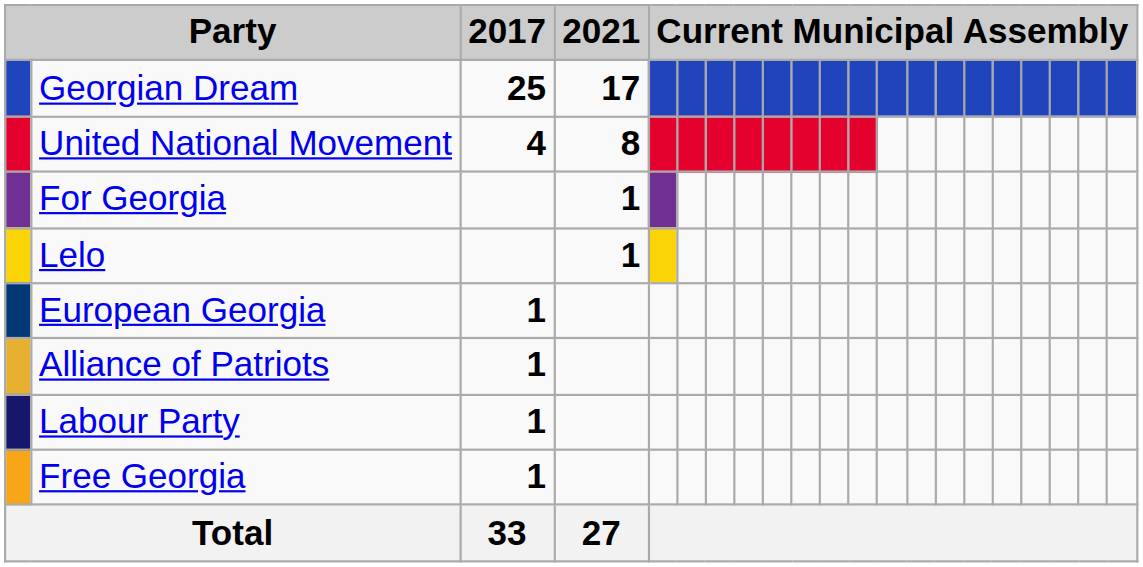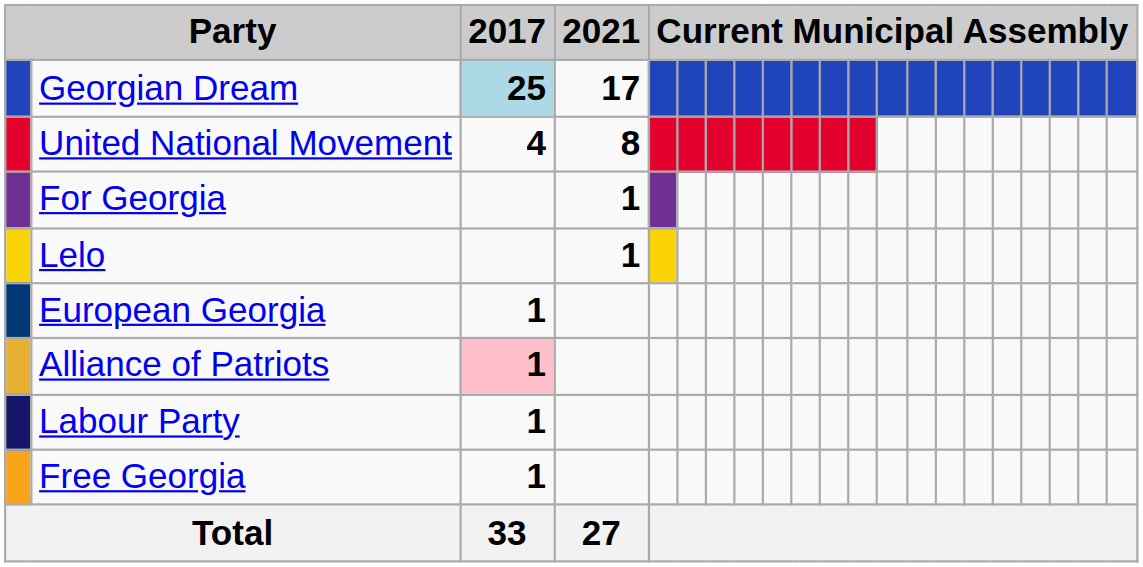 <table class="wikitable">
 <tr>
 <th colspan="2" style="background:#ccc">Party</th>
 <th style="background:#ccc">2017</th>
 <th style="background:#ccc">2021</th>
 <th colspan="19" style="background:#ccc">Current Municipal Assembly</th>
 </tr>
 <tr>
 <td style="background-color: #2044bc  "> </td>
 <td><a href='#'>Georgian Dream</a></td>
-<td style="text-align: right"><strong>25</strong></td>
+<td style="background: lightblue; text-align: right"><strong>25</strong></td>
 <td style="text-align: right"><strong>17</strong></td>
 <td style="background-color: #2044bc "></td>
 <td style="background-color: #2044bc "> </td>
 <td style="background-color: #2044bc "> </td>
 <td style="background-color: #2044bc "> </td>
 <td style="background-color: #2044bc "> </td>
 <td style="background-color: #2044bc "> </td>
 <td style="background-color: #2044bc "> </td>
 <td style="background-color: #2044bc "> </td>
 <td style="background-color: #2044bc "> </td>
 <td style="background-color: #2044bc "> </td>
 <td style="background-color: #2044bc "> </td>
 <td style="background-color: #2044bc "> </td>
 <td style="background-color: #2044bc "> </td>
 <td style="background-color: #2044bc "> </td>
 <td style="background-color: #2044bc "> </td>
 <td style="background-color: #2044bc "> </td>
 <td style="background-color: #2044bc "> </td>
 </tr>
 <tr>
 <td style="background-color: #e4012e  "> </td>
 <td><a href='#'>United National Movement</a></td>
 <td style="text-align: right"><strong>4</strong></td>
 <td style="text-align: right"><strong>8</strong></td>
 <td style="background-color: #e4012e "> </td>
 <td style="background-color: #e4012e "> </td>
 <td style="background-color: #e4012e "> </td>
 <td style="background-color: #e4012e "> </td>
 <td style="background-color: #e4012e "> </td>
 <td style="background-color: #e4012e "> </td>
 <td style="background-color: #e4012e "> </td>
 <td style="background-color: #e4012e "> </td>
 <td></td>
 <td></td>
 <td></td>
 <td></td>
 <td></td>
 <td></td>
 <td></td>
 <td></td>
 <td></td>
 </tr>
 <tr>
 <td style="background-color: #702F92  "> </td>
 <td><a href='#'>For Georgia</a></td>
 <td></td>
 <td style="text-align: right"><strong>1</strong></td>
 <td style="background-color: #702f92 "> </td>
 <td></td>
 <td></td>
 <td></td>
 <td></td>
 <td></td>
 <td></td>
 <td></td>
 <td></td>
 <td></td>
 <td></td>
 <td></td>
 <td></td>
 <td></td>
 <td></td>
 <td></td>
 <td></td>
 </tr>
 <tr>
 <td style="background-color: #fad406 "> </td>
 <td><a href='#'>Lelo</a></td>
 <td></td>
 <td style="text-align: right"><strong>1</strong></td>
 <td style="background-color: #fad406 "> </td>
 <td></td>
 <td></td>
 <td></td>
 <td></td>
 <td></td>
 <td></td>
 <td></td>
 <td></td>
 <td></td>
 <td></td>
 <td></td>
 <td></td>
 <td></td>
 <td></td>
 <td></td>
 <td></td>
 </tr>
 <tr>
 <td style="background-color: #003876  "> </td>
 <td><a href='#'>European Georgia</a></td>
 <td style="text-align: right"><strong>1</strong></td>
 <td></td>
 <td></td>
 <td></td>
 <td></td>
 <td></td>
 <td></td>
 <td></td>
 <td></td>
 <td></td>
 <td></td>
 <td></td>
 <td></td>
 <td></td>
 <td></td>
 <td></td>
 <td></td>
 <td></td>
 <td></td>
 </tr>
 <tr>
 <td style="background-color: #e7b031 "> </td>
 <td><a href='#'>Alliance of Patriots</a></td>
-<td style="text-align: right"><strong>1</strong></td>
+<td style="background: pink; text-align: right"><strong>1</strong></td>
 <td></td>
 <td></td>
 <td></td>
 <td></td>
 <td></td>
 <td></td>
 <td></td>
 <td></td>
 <td></td>
 <td></td>
 <td></td>
 <td></td>
 <td></td>
 <td></td>
 <td></td>
 <td></td>
 <td></td>
 <td></td>
 </tr>
 <tr>
 <td style="background-color: #16166b  "> </td>
 <td><a href='#'>Labour Party</a></td>
 <td style="text-align: right"><strong>1</strong></td>
 <td></td>
 <td></td>
 <td></td>
 <td></td>
 <td></td>
 <td></td>
 <td></td>
 <td></td>
 <td></td>
 <td></td>
 <td></td>
 <td></td>
 <td></td>
 <td></td>
 <td></td>
 <td></td>
 <td></td>
 <td></td>
 </tr>
 <tr>
 <td style="background-color: #f8A517 "> </td>
 <td><a href='#'>Free Georgia</a></td>
 <td style="text-align: right"><strong>1</strong></td>
 <td></td>
 <td></td>
 <td></td>
 <td></td>
 <td></td>
 <td></td>
 <td></td>
 <td></td>
 <td></td>
 <td></td>
 <td></td>
 <td></td>
 <td></td>
 <td></td>
 <td></td>
 <td></td>
 <td></td>
 <td></td>
 </tr>
 <tr>
 <th colspan="2">Total</th>
 <th align="right">33</th>
 <th align="right">27</th>
 <th colspan="34"> </th>
 </tr>
 </table>
